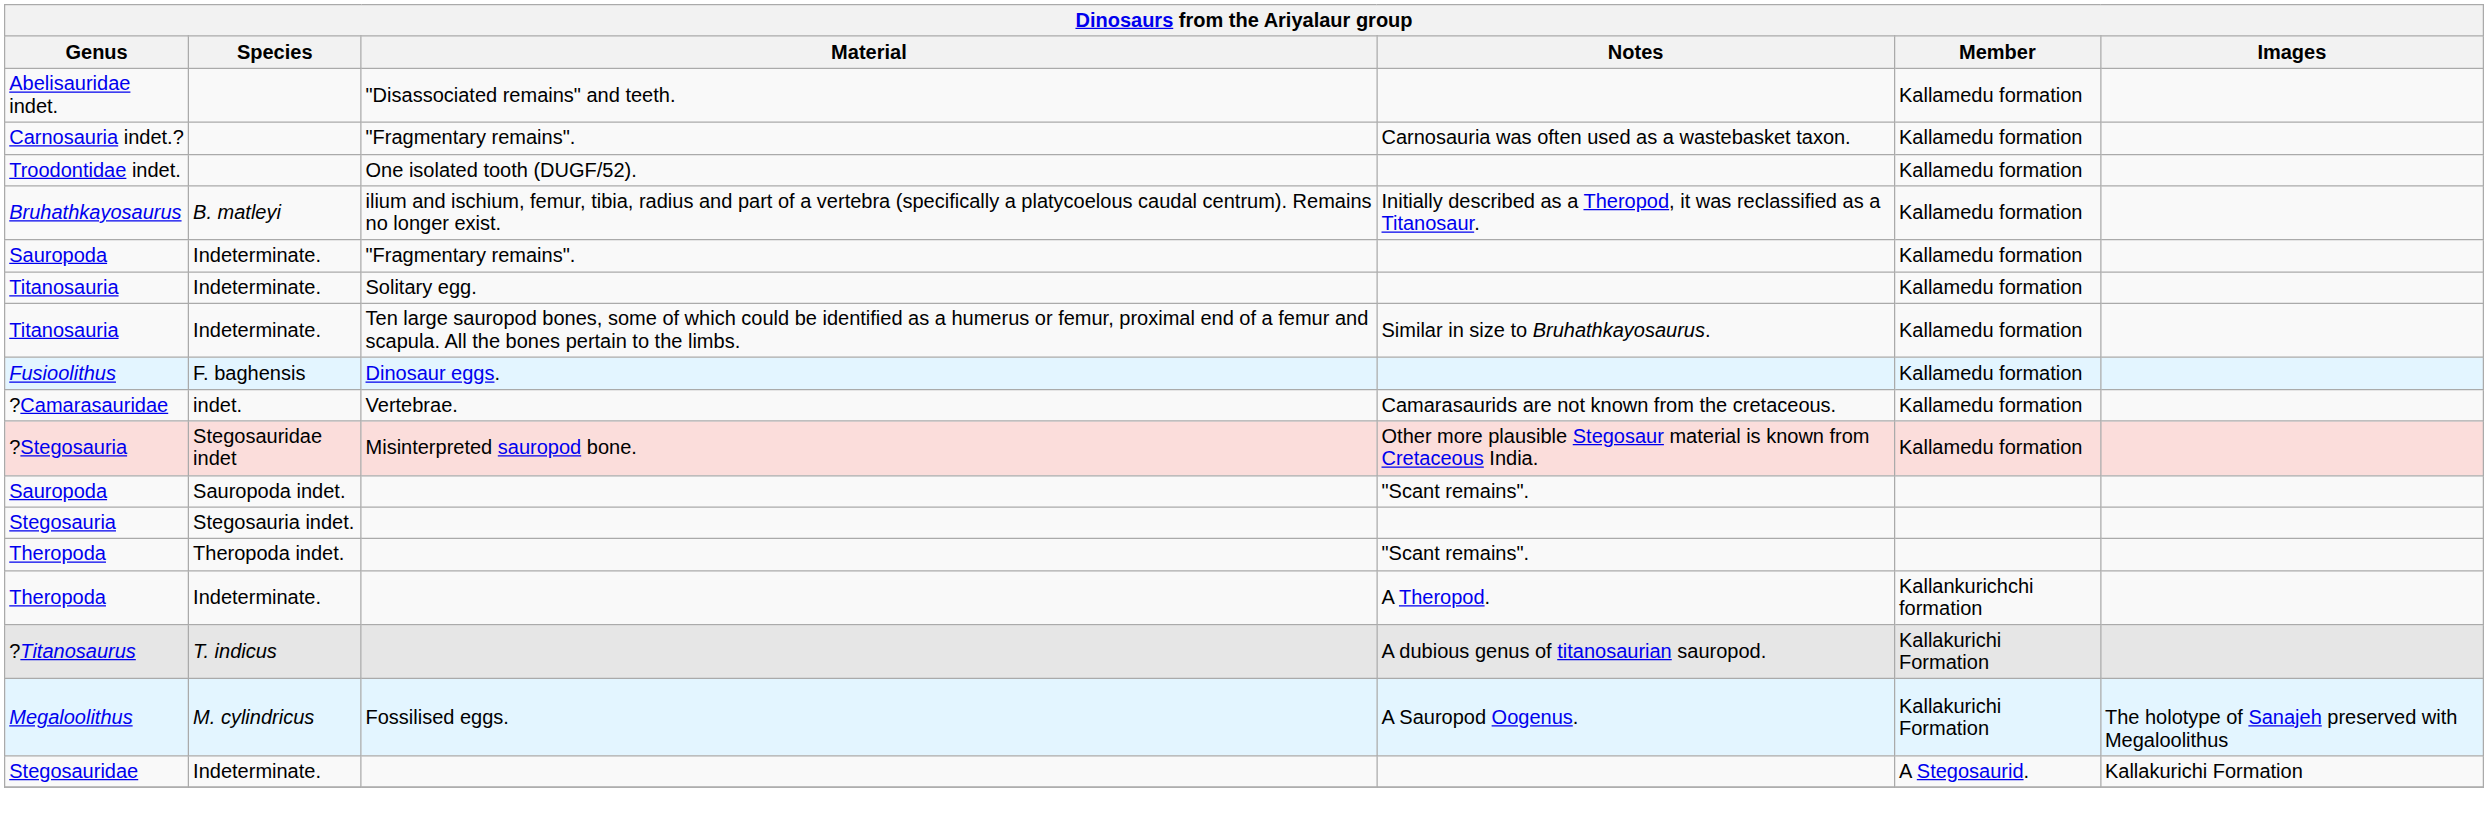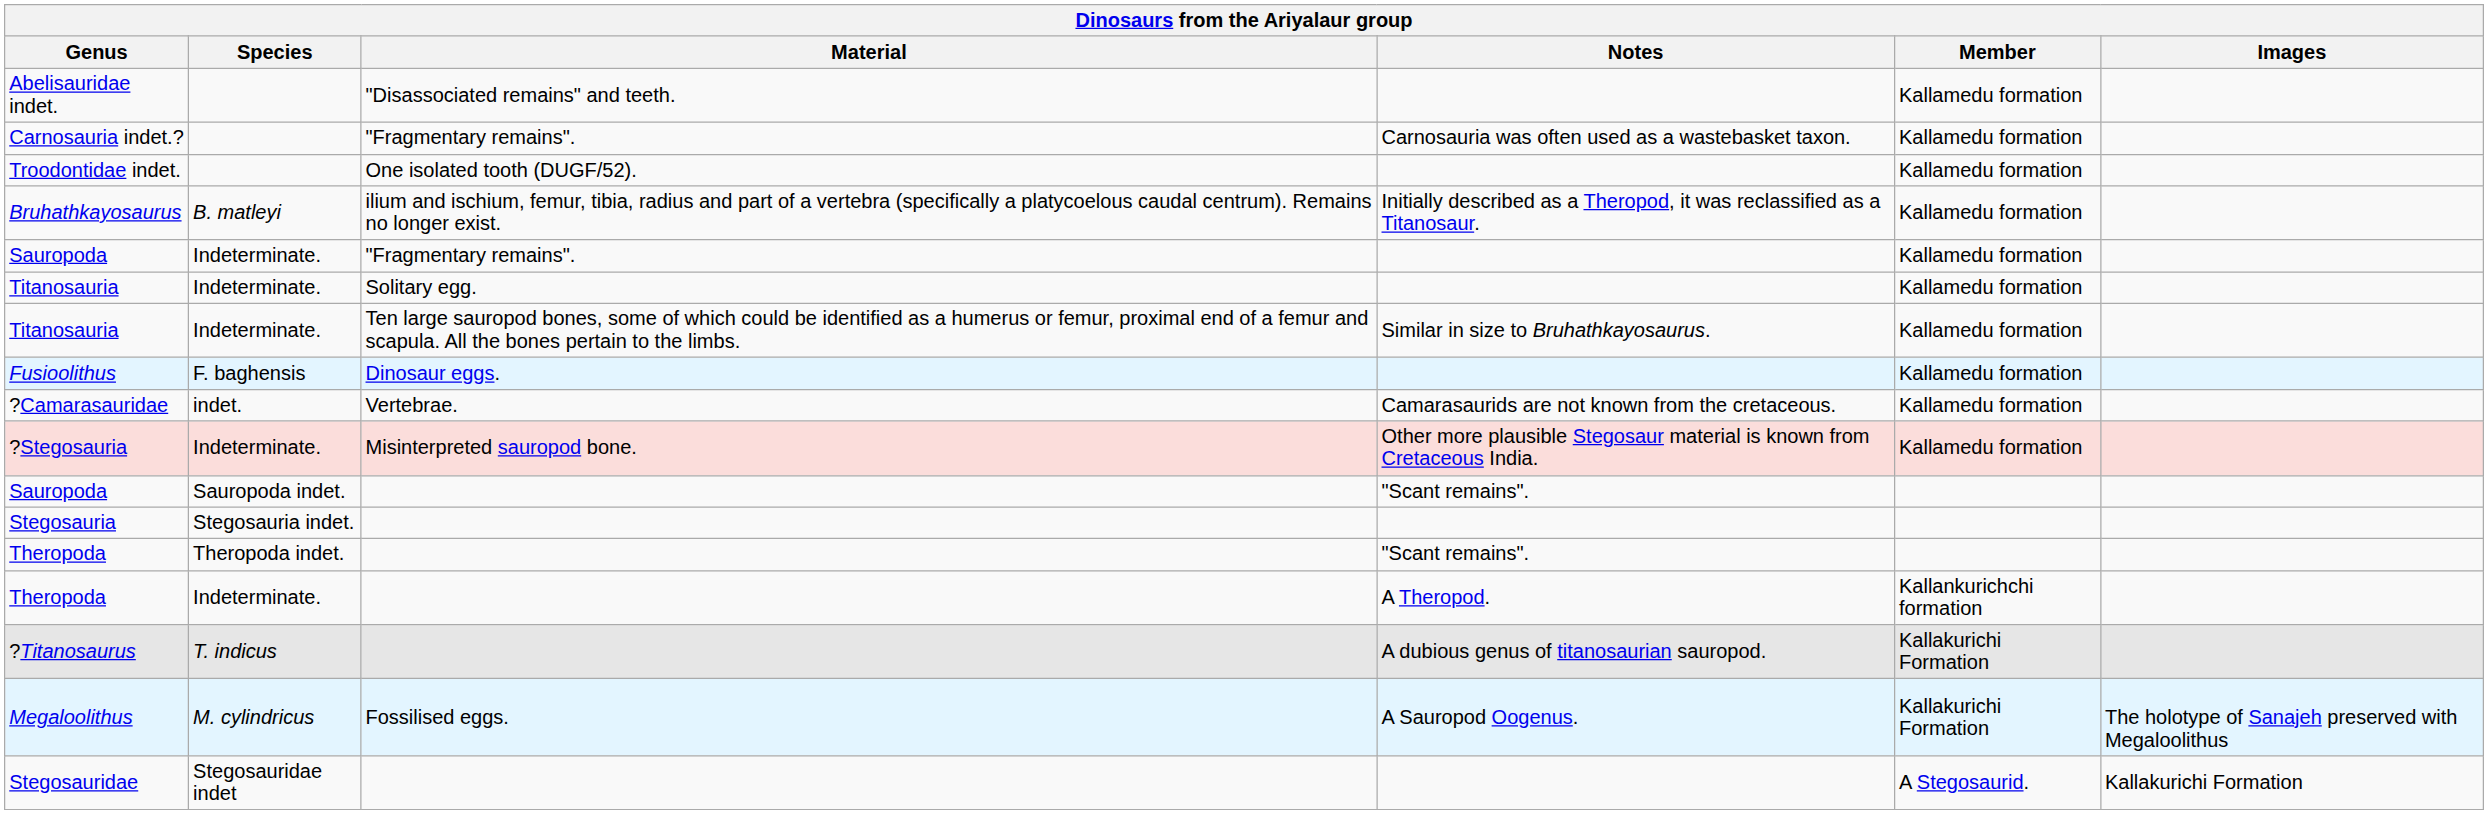 <table class="wikitable" style="margin:auto">
 <tr>
 <th colspan="6" style="text-align:center"><strong><a href='#'>Dinosaurs</a> from the Ariyalaur group</strong></th>
 </tr>
 <tr>
 <th>Genus</th>
 <th>Species</th>
 <th>Material</th>
 <th>Notes</th>
 <th>Member</th>
 <th>Images</th>
 </tr>
 <tr>
 <td><a href='#'>Abelisauridae</a> indet.</td>
 <td></td>
 <td>"Disassociated remains" and teeth.</td>
 <td></td>
 <td>Kallamedu formation</td>
 <td></td>
 </tr>
 <tr>
 <td><a href='#'>Carnosauria</a> indet.?</td>
 <td></td>
 <td>"Fragmentary remains".</td>
 <td>Carnosauria was often used as a wastebasket taxon.</td>
 <td>Kallamedu formation</td>
 <td></td>
 </tr>
 <tr>
 <td><a href='#'>Troodontidae</a> indet.</td>
 <td></td>
 <td>One isolated tooth (DUGF/52).</td>
 <td></td>
 <td>Kallamedu formation</td>
 <td></td>
 </tr>
 <tr>
 <td><em><a href='#'>Bruhathkayosaurus</a></em></td>
 <td><em>B. matleyi</em></td>
 <td>ilium and ischium, femur, tibia, radius and part of a vertebra (specifically a platycoelous caudal centrum). Remains no longer exist.</td>
 <td>Initially described as a <a href='#'>Theropod</a>, it was reclassified as a <a href='#'>Titanosaur</a>.</td>
 <td>Kallamedu formation</td>
 <td></td>
 </tr>
 <tr>
 <td><a href='#'>Sauropoda</a></td>
 <td>Indeterminate.</td>
 <td>"Fragmentary remains".</td>
 <td></td>
 <td>Kallamedu formation</td>
 <td></td>
 </tr>
 <tr>
 <td><a href='#'>Titanosauria</a></td>
 <td>Indeterminate.</td>
 <td>Solitary egg.</td>
 <td></td>
 <td>Kallamedu formation</td>
 <td></td>
 </tr>
 <tr>
 <td><a href='#'>Titanosauria</a></td>
 <td>Indeterminate.</td>
 <td>Ten large sauropod bones, some of which could be identified as a humerus or femur, proximal end of a femur and scapula. All the bones pertain to the limbs.</td>
 <td>Similar in size to <em>Bruhathkayosaurus</em>.</td>
 <td>Kallamedu formation</td>
 <td></td>
 </tr>
 <tr>
 <td style="background:#E3F5FF;"><em><a href='#'>Fusioolithus</a></em></td>
 <td style="background:#E3F5FF;">F. baghensis</td>
 <td style="background:#E3F5FF;"><a href='#'>Dinosaur eggs</a>.</td>
 <td style="background:#E3F5FF;"></td>
 <td style="background:#E3F5FF;">Kallamedu formation</td>
 <td style="background:#E3F5FF;"></td>
 </tr>
 <tr>
 <td>?<a href='#'>Camarasauridae</a></td>
 <td>indet.</td>
 <td>Vertebrae.</td>
 <td>Camarasaurids are not known from the cretaceous.</td>
 <td>Kallamedu formation</td>
 <td></td>
 </tr>
 <tr style="background:#fbdddb;">
 <td>?<a href='#'>Stegosauria</a></td>
-<td>Stegosauridae indet</td>
+<td>Indeterminate.</td>
 <td>Misinterpreted <a href='#'>sauropod</a> bone.</td>
 <td>Other more plausible <a href='#'>Stegosaur</a> material is known from <a href='#'>Cretaceous</a> India.</td>
 <td>Kallamedu formation</td>
 <td></td>
 </tr>
 <tr>
 <td><a href='#'>Sauropoda</a></td>
 <td>Sauropoda indet.</td>
 <td></td>
 <td>"Scant remains".</td>
 <td></td>
 <td></td>
 </tr>
 <tr>
 <td><a href='#'>Stegosauria</a></td>
 <td>Stegosauria indet.</td>
 <td></td>
 <td></td>
 <td></td>
 <td></td>
 </tr>
 <tr>
 <td><a href='#'>Theropoda</a></td>
 <td>Theropoda indet.</td>
 <td></td>
 <td>"Scant remains".</td>
 <td></td>
 <td></td>
 </tr>
 <tr>
 <td><a href='#'>Theropoda</a></td>
 <td>Indeterminate.</td>
 <td></td>
 <td>A <a href='#'>Theropod</a>.</td>
 <td>Kallankurichchi formation</td>
 <td></td>
 </tr>
 <tr style="background:#E6E6E6;">
 <td>?<em><a href='#'>Titanosaurus</a></em></td>
 <td><em>T. indicus</em></td>
 <td></td>
 <td>A dubious genus of <a href='#'>titanosaurian</a> sauropod.</td>
 <td>Kallakurichi Formation</td>
 <td><br></td>
 </tr>
 <tr style="background:#E3F5FF">
 <td><em><a href='#'>Megaloolithus</a></em></td>
 <td><em>M. cylindricus</em></td>
 <td>Fossilised eggs.</td>
 <td>A Sauropod <a href='#'>Oogenus</a>.</td>
 <td>Kallakurichi Formation</td>
 <td><br> The holotype of <a href='#'>Sanajeh</a> preserved with Megaloolithus</td>
 </tr>
 <tr>
 <td><a href='#'>Stegosauridae</a></td>
-<td>Indeterminate.</td>
+<td>Stegosauridae indet</td>
 <td></td>
 <td></td>
 <td>A <a href='#'>Stegosaurid</a>.</td>
 <td>Kallakurichi Formation</td>
 </tr>
 <tr>
 </tr>
 </table>
